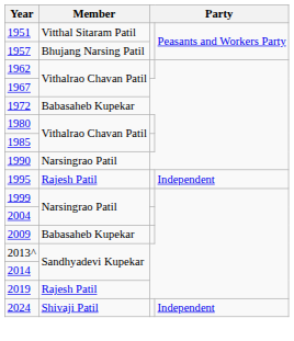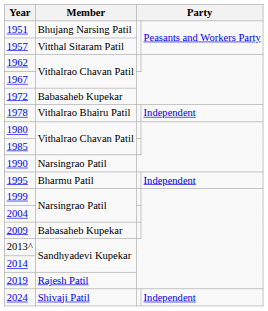 <table class="wikitable">
 <tr>
 <th>Year</th>
 <th>Member</th>
 <th colspan="2">Party</th>
 </tr>
 <tr>
 <td><a href='#'>1951</a></td>
-<td>Vitthal Sitaram Patil</td>
+<td>Bhujang Narsing Patil</td>
 <td rowspan="2" style="background-color: "></td>
 <td rowspan="2"><a href='#'>Peasants and Workers Party</a></td>
 </tr>
 <tr>
 <td><a href='#'>1957</a></td>
-<td>Bhujang Narsing Patil</td>
+<td>Vitthal Sitaram Patil</td>
 </tr>
 <tr>
 <td><a href='#'>1962</a></td>
 <td rowspan="2">Vithalrao Chavan Patil</td>
 <td></td>
 </tr>
 <tr>
 <td><a href='#'>1967</a></td>
 </tr>
 <tr>
 <td><a href='#'>1972</a></td>
 <td>Babasaheb Kupekar</td>
+</tr>
+<tr>
+<td><a href='#'>1978</a></td>
+<td>Vithalrao Bhairu Patil</td>
+<td style="background-color:"></td>
+<td><a href='#'>Independent</a></td>
 </tr>
 <tr>
 <td><a href='#'>1980</a></td>
 <td rowspan="2">Vithalrao Chavan Patil</td>
 <td></td>
 </tr>
 <tr>
 <td><a href='#'>1985</a></td>
 <td></td>
 </tr>
 <tr>
 <td><a href='#'>1990</a></td>
 <td>Narsingrao Patil</td>
 </tr>
 <tr>
 <td><a href='#'>1995</a></td>
-<td><a href='#'>Rajesh Patil</a></td>
+<td>Bharmu Patil</td>
 <td style="background-color:"></td>
 <td><a href='#'>Independent</a></td>
 </tr>
 <tr>
 <td><a href='#'>1999</a></td>
 <td rowspan="2">Narsingrao Patil</td>
 <td></td>
 </tr>
 <tr>
 <td><a href='#'>2004</a></td>
 <td></td>
 </tr>
 <tr>
 <td><a href='#'>2009</a></td>
 <td>Babasaheb Kupekar</td>
 <td></td>
 </tr>
 <tr>
 <td>2013^</td>
 <td rowspan="2">Sandhyadevi Kupekar</td>
 </tr>
 <tr>
 <td><a href='#'>2014</a></td>
 </tr>
 <tr>
 <td><a href='#'>2019</a></td>
 <td><a href='#'>Rajesh Patil</a></td>
 </tr>
 <tr>
 <td><a href='#'>2024</a></td>
 <td><a href='#'>Shivaji Patil</a></td>
 <td style="background-color:"></td>
 <td><a href='#'>Independent</a></td>
 </tr>
 </table>
